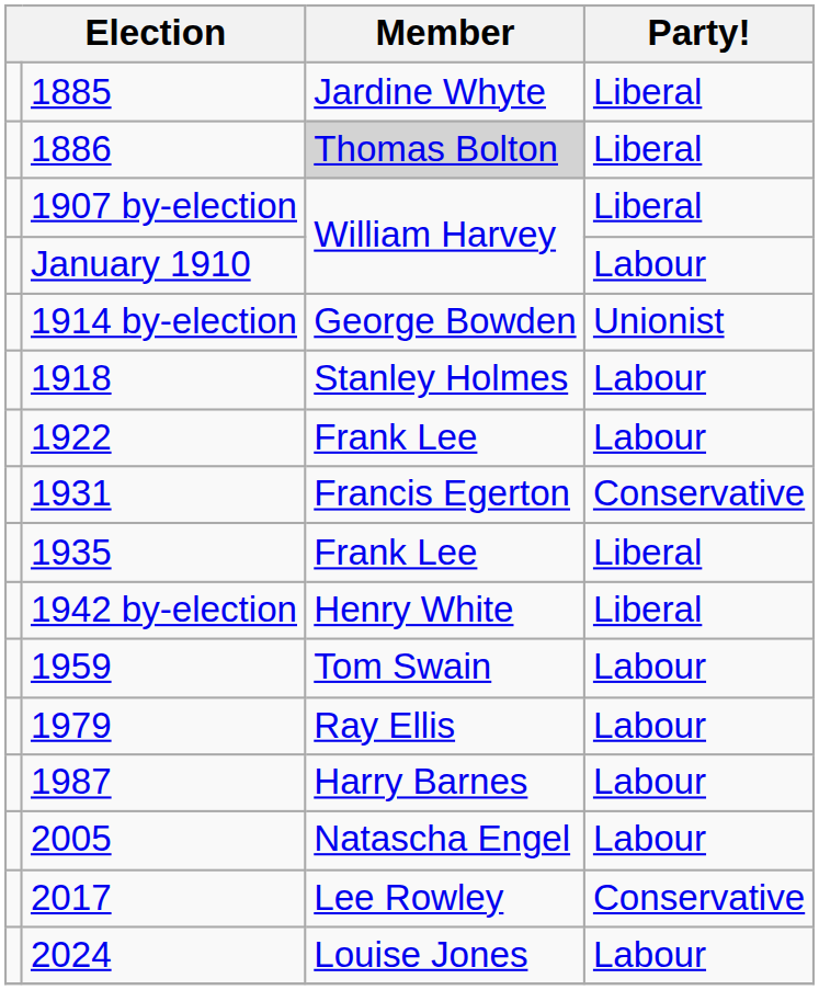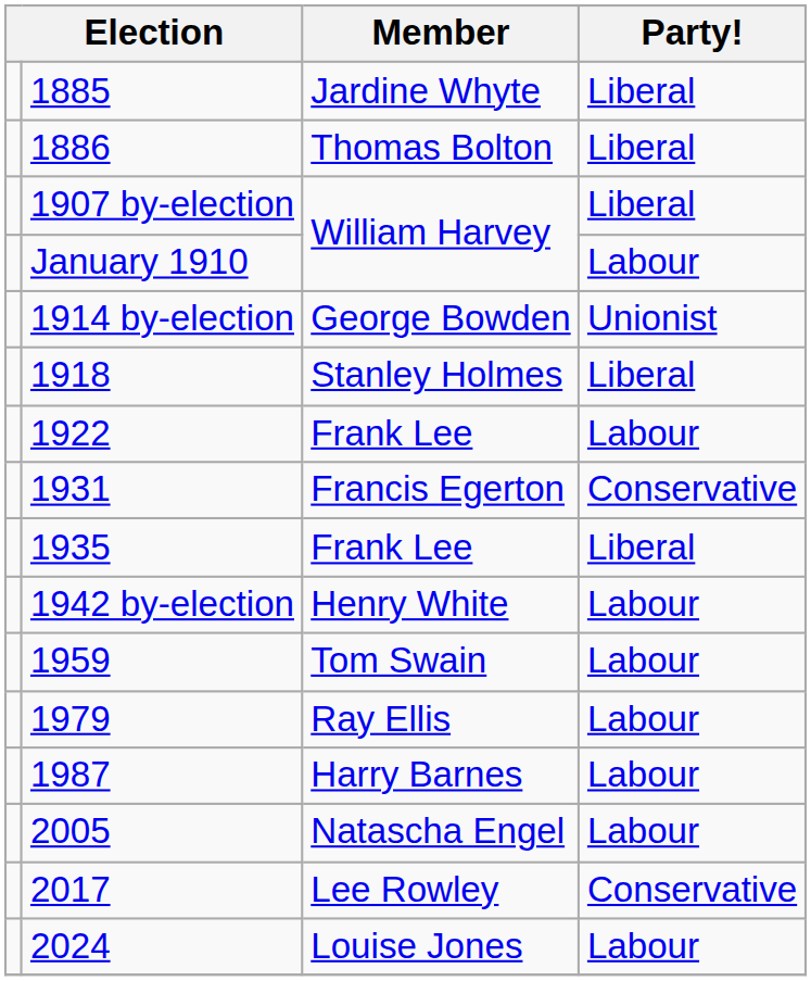 <table class="wikitable">
 <tr>
 <th colspan="2">Election</th>
 <th>Member</th>
 <th>Party!</th>
 </tr>
 <tr>
 <td style="color:inherit;background-color: "></td>
 <td><a href='#'>1885</a></td>
 <td><a href='#'>Jardine Whyte</a></td>
 <td><a href='#'>Liberal</a></td>
 </tr>
 <tr>
 <td style="color:inherit;background-color: "></td>
 <td><a href='#'>1886</a></td>
-<td style="background: lightgrey;"><a href='#'>Thomas Bolton</a></td>
+<td><a href='#'>Thomas Bolton</a></td>
 <td><a href='#'>Liberal</a></td>
 </tr>
 <tr>
 <td style="color:inherit;background-color: "></td>
 <td><a href='#'>1907 by-election</a></td>
 <td rowspan="2"><a href='#'>William Harvey</a></td>
 <td><a href='#'>Liberal</a></td>
 </tr>
 <tr>
 <td style="color:inherit;background-color: "></td>
 <td><a href='#'>January 1910</a></td>
 <td><a href='#'>Labour</a></td>
 </tr>
 <tr>
 <td style="color:inherit;background-color: "></td>
 <td><a href='#'>1914 by-election</a></td>
 <td><a href='#'>George Bowden</a></td>
 <td><a href='#'>Unionist</a></td>
 </tr>
 <tr>
 <td style="color:inherit;background-color: "></td>
 <td><a href='#'>1918</a></td>
 <td><a href='#'>Stanley Holmes</a></td>
-<td><a href='#'>Labour</a></td>
+<td><a href='#'>Liberal</a></td>
 </tr>
 <tr>
 <td style="color:inherit;background-color: "></td>
 <td><a href='#'>1922</a></td>
 <td><a href='#'>Frank Lee</a></td>
 <td><a href='#'>Labour</a></td>
 </tr>
 <tr>
 <td style="color:inherit;background-color: "></td>
 <td><a href='#'>1931</a></td>
 <td><a href='#'>Francis Egerton</a></td>
 <td><a href='#'>Conservative</a></td>
 </tr>
 <tr>
 <td style="color:inherit;background-color: "></td>
 <td><a href='#'>1935</a></td>
 <td><a href='#'>Frank Lee</a></td>
 <td><a href='#'>Liberal</a></td>
 </tr>
 <tr>
 <td style="color:inherit;background-color: "></td>
 <td><a href='#'>1942 by-election</a></td>
 <td><a href='#'>Henry White</a></td>
-<td><a href='#'>Liberal</a></td>
+<td><a href='#'>Labour</a></td>
 </tr>
 <tr>
 <td style="color:inherit;background-color: "></td>
 <td><a href='#'>1959</a></td>
 <td><a href='#'>Tom Swain</a></td>
 <td><a href='#'>Labour</a></td>
 </tr>
 <tr>
 <td style="color:inherit;background-color: "></td>
 <td><a href='#'>1979</a></td>
 <td><a href='#'>Ray Ellis</a></td>
 <td><a href='#'>Labour</a></td>
 </tr>
 <tr>
 <td style="color:inherit;background-color: "></td>
 <td><a href='#'>1987</a></td>
 <td><a href='#'>Harry Barnes</a></td>
 <td><a href='#'>Labour</a></td>
 </tr>
 <tr>
 <td style="color:inherit;background-color: "></td>
 <td><a href='#'>2005</a></td>
 <td><a href='#'>Natascha Engel</a></td>
 <td><a href='#'>Labour</a></td>
 </tr>
 <tr>
 <td style="color:inherit;background-color: "></td>
 <td><a href='#'>2017</a></td>
 <td><a href='#'>Lee Rowley</a></td>
 <td><a href='#'>Conservative</a></td>
 </tr>
 <tr>
 <td style="color:inherit;background-color: "></td>
 <td><a href='#'>2024</a></td>
 <td><a href='#'>Louise Jones</a></td>
 <td><a href='#'>Labour</a></td>
 </tr>
 <tr>
 </tr>
 </table>
